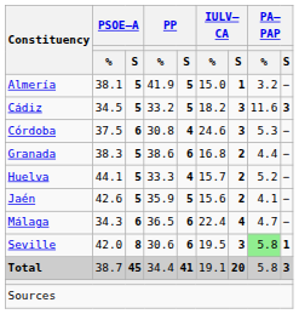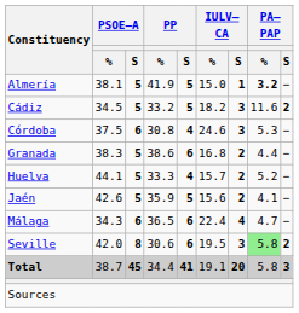 <table class="wikitable sortable" style="text-align:right; line-height:20px;">
 <tr>
 <th rowspan="3">Constituency</th>
 <th colspan="2" width="30px" class="unsortable"><a href='#'>PSOE–A</a></th>
 <th colspan="2" width="30px" class="unsortable"><a href='#'>PP</a></th>
 <th colspan="2" width="30px" class="unsortable"><a href='#'>IULV–CA</a></th>
 <th colspan="2" width="30px" class="unsortable"><a href='#'>PA–PAP</a></th>
 </tr>
 <tr>
 <th colspan="2" style="background:"></th>
 <th colspan="2" style="background:"></th>
 <th colspan="2" style="background:"></th>
 <th colspan="2" style="background:"></th>
 </tr>
 <tr>
 <th data-sort-type="number">%</th>
 <th data-sort-type="number">S</th>
 <th data-sort-type="number">%</th>
 <th data-sort-type="number">S</th>
 <th data-sort-type="number">%</th>
 <th data-sort-type="number">S</th>
 <th data-sort-type="number">%</th>
 <th data-sort-type="number">S</th>
 </tr>
 <tr>
 <td align="left"><a href='#'>Almería</a></td>
 <td>38.1</td>
 <td><strong>5</strong></td>
 <td style="background:">41.9</td>
 <td><strong>5</strong></td>
 <td>15.0</td>
 <td><strong>1</strong></td>
-<td>3.2</td>
+<td><strong>3.2</strong></td>
 <td>−</td>
 </tr>
 <tr>
 <td align="left"><a href='#'>Cádiz</a></td>
 <td style="background:">34.5</td>
 <td><strong>5</strong></td>
 <td>33.2</td>
 <td><strong>5</strong></td>
 <td>18.2</td>
 <td><strong>3</strong></td>
 <td>11.6</td>
-<td><strong>3</strong></td>
+<td><strong>2</strong></td>
 </tr>
 <tr>
 <td align="left"><a href='#'>Córdoba</a></td>
 <td style="background:">37.5</td>
 <td><strong>6</strong></td>
 <td>30.8</td>
 <td><strong>4</strong></td>
 <td>24.6</td>
 <td><strong>3</strong></td>
 <td>5.3</td>
 <td>−</td>
 </tr>
 <tr>
 <td align="left"><a href='#'>Granada</a></td>
 <td>38.3</td>
 <td><strong>5</strong></td>
 <td style="background:">38.6</td>
 <td><strong>6</strong></td>
 <td>16.8</td>
 <td><strong>2</strong></td>
 <td>4.4</td>
 <td>−</td>
 </tr>
 <tr>
 <td align="left"><a href='#'>Huelva</a></td>
 <td style="background:">44.1</td>
 <td><strong>5</strong></td>
 <td>33.3</td>
 <td><strong>4</strong></td>
 <td>15.7</td>
 <td><strong>2</strong></td>
 <td>5.2</td>
 <td>−</td>
 </tr>
 <tr>
 <td align="left"><a href='#'>Jaén</a></td>
 <td style="background:">42.6</td>
 <td><strong>5</strong></td>
 <td>35.9</td>
 <td><strong>5</strong></td>
 <td>15.6</td>
 <td><strong>2</strong></td>
 <td>4.1</td>
 <td>−</td>
 </tr>
 <tr>
 <td align="left"><a href='#'>Málaga</a></td>
 <td>34.3</td>
 <td><strong>6</strong></td>
 <td style="background:">36.5</td>
 <td><strong>6</strong></td>
 <td>22.4</td>
 <td><strong>4</strong></td>
 <td>4.7</td>
 <td>−</td>
 </tr>
 <tr>
 <td align="left"><a href='#'>Seville</a></td>
 <td style="background:">42.0</td>
 <td><strong>8</strong></td>
 <td>30.6</td>
 <td><strong>6</strong></td>
 <td>19.5</td>
 <td><strong>3</strong></td>
 <td style="background: lightgreen;">5.8</td>
-<td><strong>1</strong></td>
+<td><strong>2</strong></td>
 </tr>
 <tr style="background:#CDCDCD;">
 <td align="left"><strong>Total</strong></td>
 <td style="background:">38.7</td>
 <td><strong>45</strong></td>
 <td>34.4</td>
 <td><strong>41</strong></td>
 <td>19.1</td>
 <td><strong>20</strong></td>
 <td>5.8</td>
 <td><strong>3</strong></td>
 </tr>
 <tr>
 <th colspan="9"></th>
 </tr>
 <tr>
 <th style="text-align:left; font-weight:normal; background:#F9F9F9" colspan="9">Sources</th>
 </tr>
 </table>
